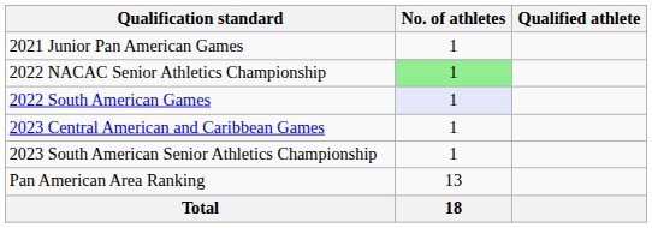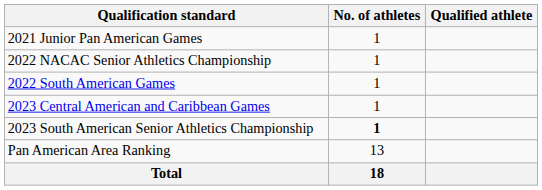 <table class="wikitable" style="text-align:left; width:600px;">
 <tr>
 <th>Qualification standard</th>
 <th>No. of athletes</th>
 <th>Qualified athlete</th>
 </tr>
 <tr>
 <td>2021 Junior Pan American Games</td>
 <td align=center>1</td>
 <td></td>
 </tr>
 <tr>
 <td>2022 NACAC Senior Athletics Championship</td>
-<td align=center style="background: lightgreen;">1</td>
+<td align=center>1</td>
 <td></td>
 </tr>
 <tr>
 <td><a href='#'>2022 South American Games</a></td>
-<td align=center style="background: lavender;">1</td>
+<td align=center>1</td>
 <td></td>
 </tr>
 <tr>
 <td><a href='#'>2023 Central American and Caribbean Games</a></td>
 <td align=center>1</td>
 <td></td>
 </tr>
 <tr>
 <td>2023 South American Senior Athletics Championship</td>
-<td align=center>1</td>
+<td align=center><strong>1</strong></td>
 <td></td>
 </tr>
 <tr>
 <td>Pan American Area Ranking</td>
 <td align=center>13</td>
 <td></td>
 </tr>
 <tr>
 <th>Total</th>
 <th>18</th>
 <th colspan=2></th>
 </tr>
 </table>
